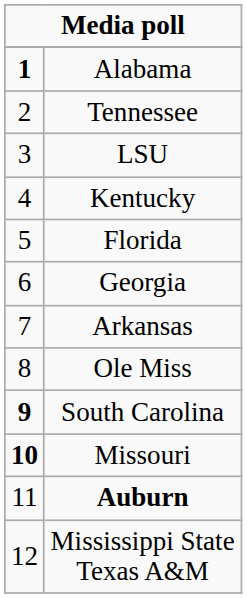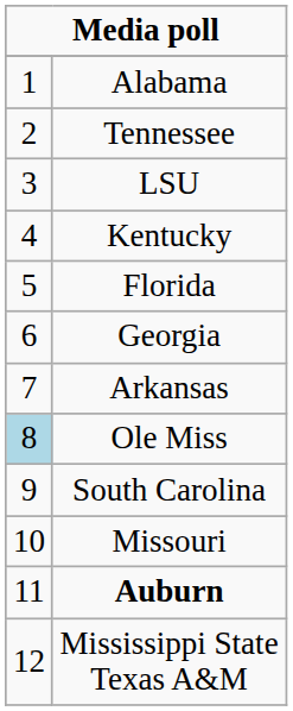 <table class="wikitable">
 <tr align="center">
 <td align="center" Colspan="3"><strong>Media poll</strong></td>
 </tr>
 <tr align="center">
 </tr>
 <tr align="center">
-<td><strong>1</strong></td>
+<td>1</td>
 <td>Alabama</td>
 </tr>
 <tr align="center">
 <td>2</td>
 <td>Tennessee</td>
 </tr>
 <tr align="center">
 <td>3</td>
 <td>LSU</td>
 </tr>
 <tr align="center">
 <td>4</td>
 <td>Kentucky</td>
 </tr>
 <tr align="center">
 <td>5</td>
 <td>Florida</td>
 </tr>
 <tr align="center">
 <td>6</td>
 <td>Georgia</td>
 </tr>
 <tr align="center">
 <td>7</td>
 <td>Arkansas</td>
 </tr>
 <tr align="center">
-<td>8</td>
+<td style="background: lightblue;">8</td>
 <td>Ole Miss</td>
 </tr>
 <tr align="center">
-<td><strong>9</strong></td>
+<td>9</td>
 <td>South Carolina</td>
 </tr>
 <tr align="center">
-<td><strong>10</strong></td>
+<td>10</td>
 <td>Missouri</td>
 </tr>
 <tr align="center">
 <td>11</td>
 <td><strong>Auburn</strong></td>
 </tr>
 <tr align="center">
 <td>12</td>
 <td>Mississippi State<br>Texas A&M</td>
 </tr>
 </table>
